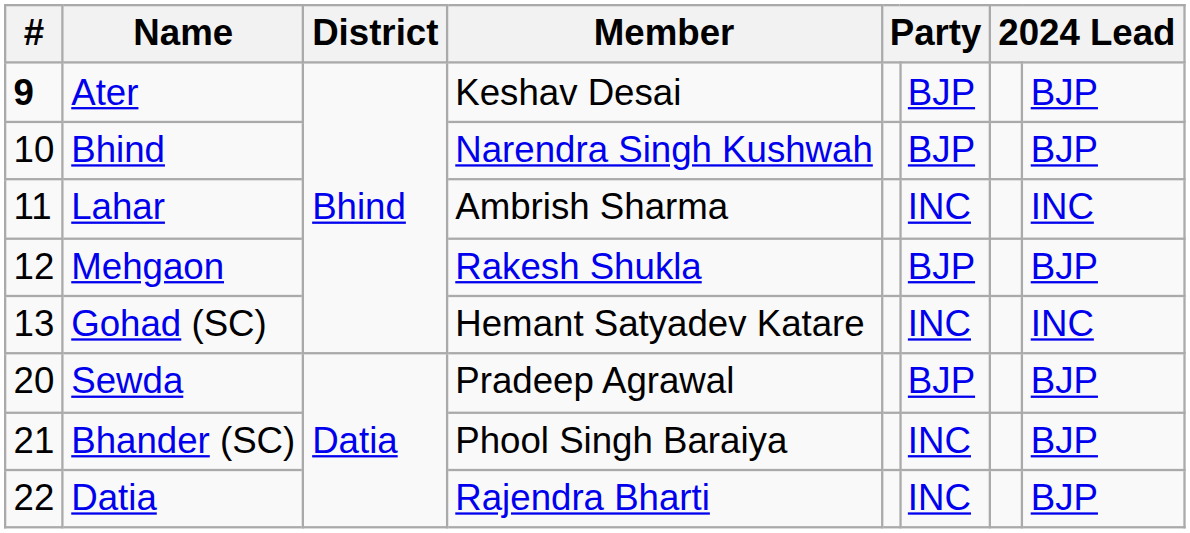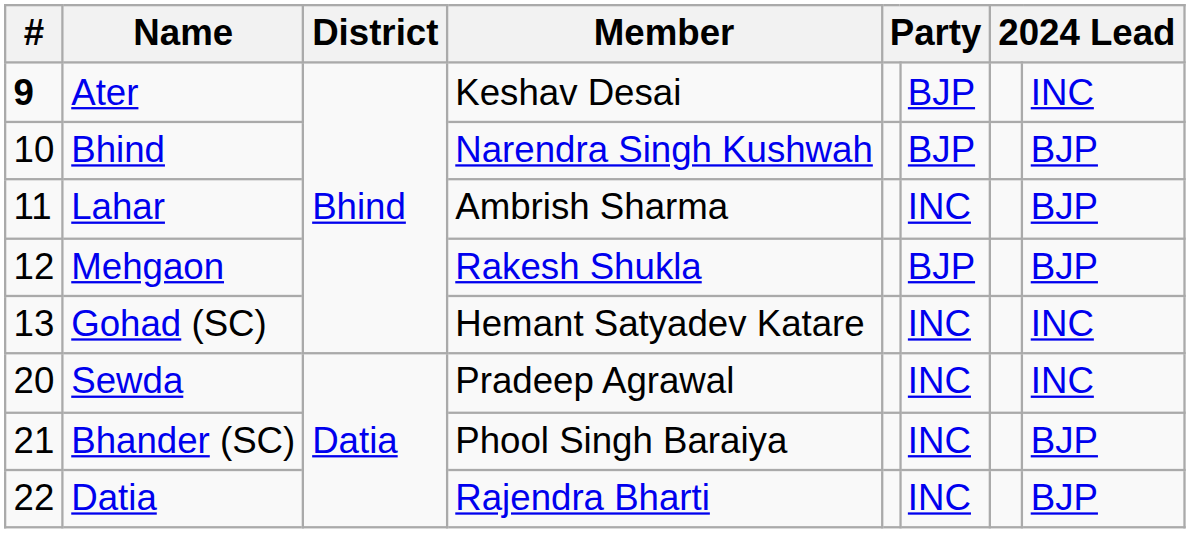 <table class="wikitable">
 <tr>
 <th>#</th>
 <th>Name</th>
 <th>District</th>
 <th>Member</th>
 <th colspan="2">Party</th>
 <th colspan="2">2024 Lead</th>
 </tr>
 <tr>
 <td><strong>9</strong></td>
 <td><a href='#'>Ater</a></td>
 <td rowspan="5"><a href='#'>Bhind</a></td>
 <td>Keshav Desai</td>
 <td style="background-color: "></td>
 <td><a href='#'>BJP</a></td>
 <td style="background-color: "></td>
-<td><a href='#'>BJP</a></td>
+<td><a href='#'>INC</a></td>
 </tr>
 <tr>
 <td>10</td>
 <td><a href='#'>Bhind</a></td>
 <td><a href='#'>Narendra Singh Kushwah</a></td>
 <td style="background-color: "></td>
 <td><a href='#'>BJP</a></td>
 <td style="background-color: "></td>
 <td><a href='#'>BJP</a></td>
 </tr>
 <tr>
 <td>11</td>
 <td><a href='#'>Lahar</a></td>
 <td>Ambrish Sharma</td>
 <td style="background-color: "></td>
 <td><a href='#'>INC</a></td>
 <td style="background-color: "></td>
-<td><a href='#'>INC</a></td>
+<td><a href='#'>BJP</a></td>
 </tr>
 <tr>
 <td>12</td>
 <td><a href='#'>Mehgaon</a></td>
 <td><a href='#'>Rakesh Shukla</a></td>
 <td style="background-color: "></td>
 <td><a href='#'>BJP</a></td>
 <td style="background-color: "></td>
 <td><a href='#'>BJP</a></td>
 </tr>
 <tr>
 <td>13</td>
 <td><a href='#'>Gohad</a> (SC)</td>
 <td>Hemant Satyadev Katare</td>
 <td style="background-color: "></td>
 <td><a href='#'>INC</a></td>
 <td style="background-color: "></td>
 <td><a href='#'>INC</a></td>
 </tr>
 <tr>
 <td>20</td>
 <td><a href='#'>Sewda</a></td>
 <td rowspan="3"><a href='#'>Datia</a></td>
 <td>Pradeep Agrawal</td>
 <td style="background-color: "></td>
-<td><a href='#'>BJP</a></td>
+<td><a href='#'>INC</a></td>
 <td style="background-color: "></td>
-<td><a href='#'>BJP</a></td>
+<td><a href='#'>INC</a></td>
 </tr>
 <tr>
 <td>21</td>
 <td><a href='#'>Bhander</a> (SC)</td>
 <td>Phool Singh Baraiya</td>
 <td style="background-color: "></td>
 <td><a href='#'>INC</a></td>
 <td style="background-color: "></td>
 <td><a href='#'>BJP</a></td>
 </tr>
 <tr>
 <td>22</td>
 <td><a href='#'>Datia</a></td>
 <td><a href='#'>Rajendra Bharti</a></td>
 <td style="background-color: "></td>
 <td><a href='#'>INC</a></td>
 <td style="background-color: "></td>
 <td><a href='#'>BJP</a></td>
 </tr>
 </table>
